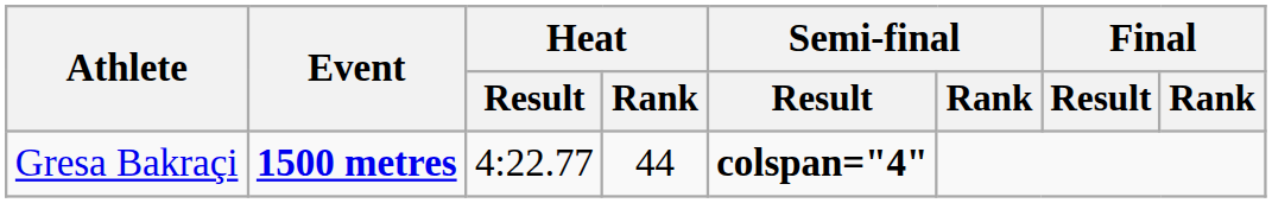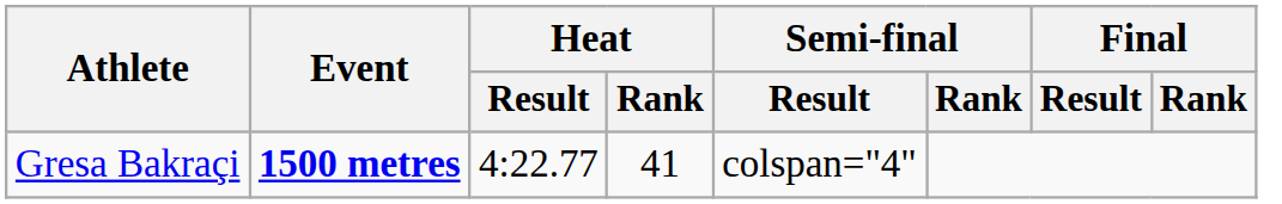 <table class=wikitable style=font-size:90%>
 <tr>
 <th rowspan=2>Athlete</th>
 <th rowspan=2>Event</th>
 <th colspan=2>Heat</th>
 <th colspan=2>Semi-final</th>
 <th colspan=2>Final</th>
 </tr>
 <tr style=font-size:95%>
 <th>Result</th>
 <th>Rank</th>
 <th>Result</th>
 <th>Rank</th>
 <th>Result</th>
 <th>Rank</th>
 </tr>
 <tr align=center>
 <td align=left><a href='#'>Gresa Bakraçi</a></td>
 <td align=left><strong><a href='#'>1500 metres</a></strong></td>
 <td>4:22.77</td>
-<td>44</td>
-<td><strong>colspan="4" </strong></td>
+<td>41</td>
+<td>colspan="4" </td>
 </tr>
 </table>
